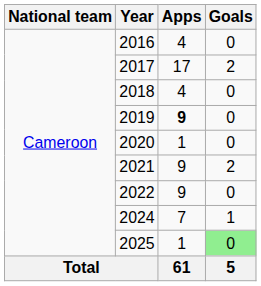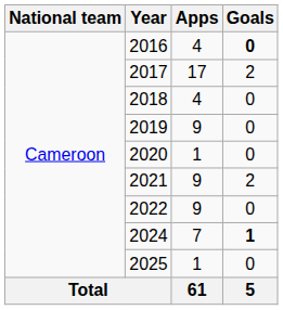 <table class="wikitable" style="text-align:center">
 <tr>
 <th>National team</th>
 <th>Year</th>
 <th>Apps</th>
 <th>Goals</th>
 </tr>
 <tr>
 <td rowspan="9"><a href='#'>Cameroon</a></td>
 <td>2016</td>
 <td>4</td>
-<td>0</td>
+<td><strong>0</strong></td>
 </tr>
 <tr>
 <td>2017</td>
 <td>17</td>
 <td>2</td>
 </tr>
 <tr>
 <td>2018</td>
 <td>4</td>
 <td>0</td>
 </tr>
 <tr>
 <td>2019</td>
-<td><strong>9</strong></td>
+<td>9</td>
 <td>0</td>
 </tr>
 <tr>
 <td>2020</td>
 <td>1</td>
 <td>0</td>
 </tr>
 <tr>
 <td>2021</td>
 <td>9</td>
 <td>2</td>
 </tr>
 <tr>
 <td>2022</td>
 <td>9</td>
 <td>0</td>
 </tr>
 <tr>
 <td>2024</td>
 <td>7</td>
-<td>1</td>
+<td><strong>1</strong></td>
 </tr>
 <tr>
 <td>2025</td>
 <td>1</td>
-<td style="background: lightgreen;">0</td>
+<td>0</td>
 </tr>
 <tr>
 <th colspan="2">Total</th>
 <th>61</th>
 <th>5</th>
 </tr>
 </table>
